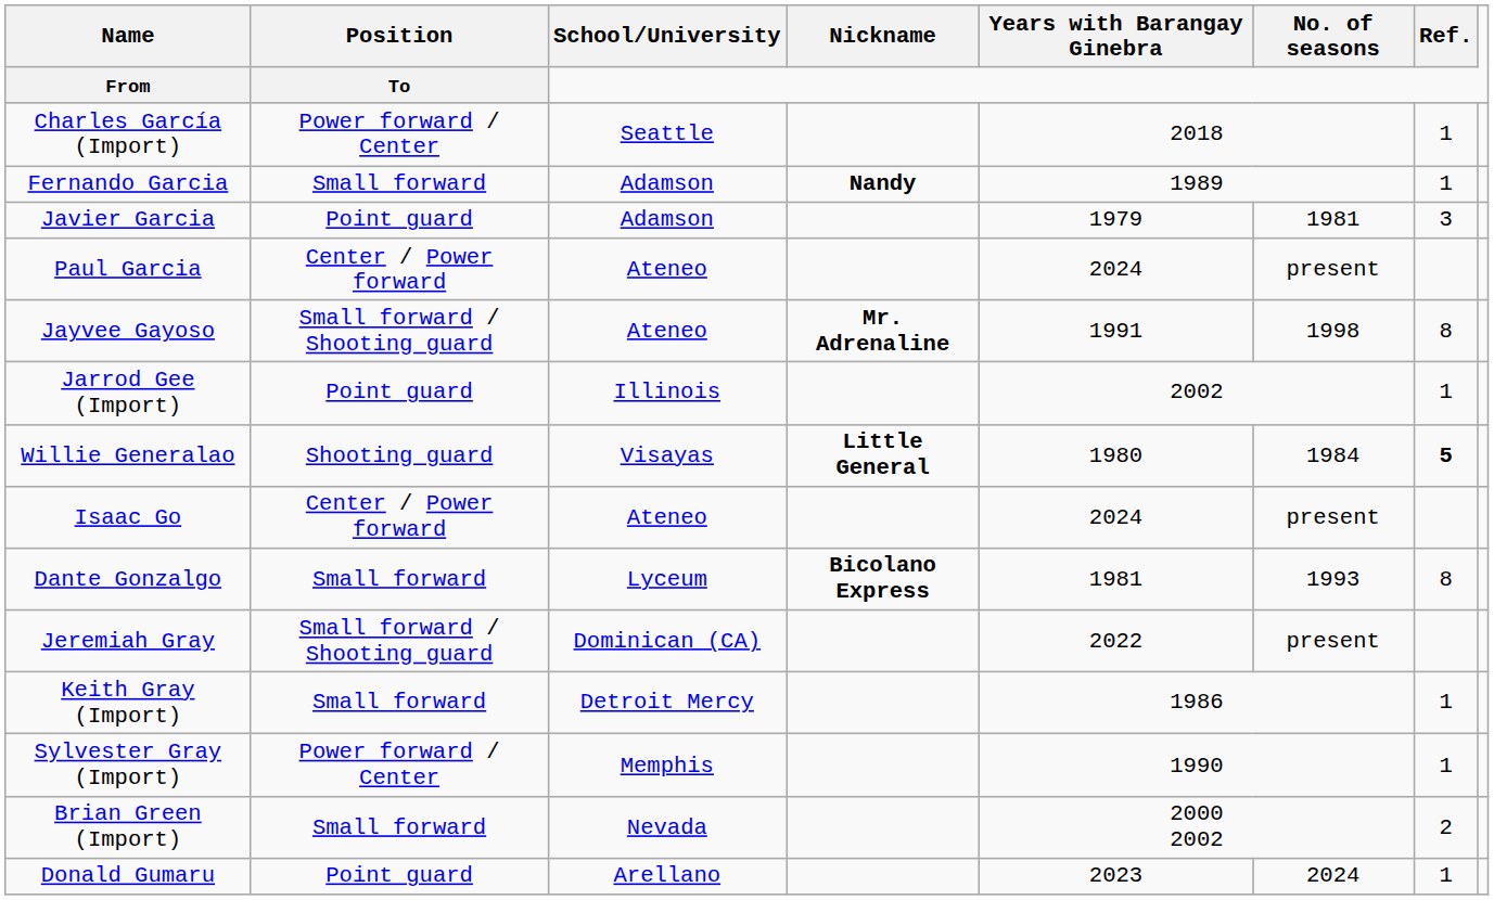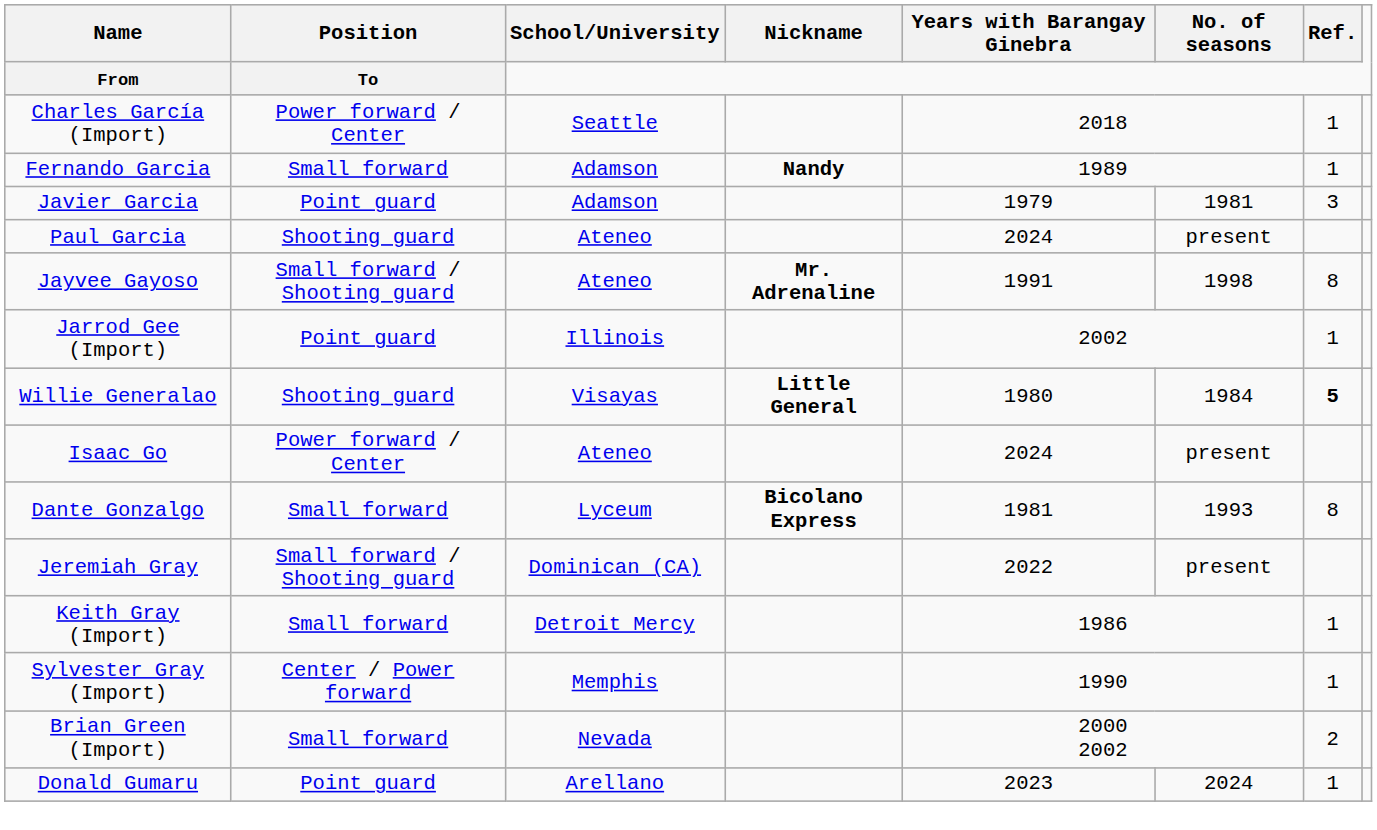 <table class="wikitable sortable" style="text-align:center" width="98%">
 <tr>
 <th>Name</th>
 <th>Position</th>
 <th>School/University</th>
 <th>Nickname</th>
 <th>Years with Barangay Ginebra</th>
 <th>No. of seasons</th>
 <th>Ref.</th>
 </tr>
 <tr>
 <th><small>From</small></th>
 <th><small>To</small></th>
 </tr>
 <tr>
 <td><a href='#'>Charles García</a> (Import)</td>
 <td><a href='#'>Power forward</a> / <a href='#'>Center</a></td>
 <td><a href='#'>Seattle</a></td>
 <td></td>
 <td colspan="2">2018</td>
 <td>1</td>
 <td></td>
 </tr>
 <tr>
 <td><a href='#'>Fernando Garcia</a></td>
 <td><a href='#'>Small forward</a></td>
 <td><a href='#'>Adamson</a></td>
 <td><strong>Nandy</strong></td>
 <td colspan="2">1989</td>
 <td>1</td>
 <td></td>
 </tr>
 <tr>
 <td><a href='#'>Javier Garcia</a></td>
 <td><a href='#'>Point guard</a></td>
 <td><a href='#'>Adamson</a></td>
 <td></td>
 <td>1979</td>
 <td>1981</td>
 <td>3</td>
 <td></td>
 </tr>
 <tr>
 <td><a href='#'>Paul Garcia</a></td>
-<td><a href='#'>Center</a> / <a href='#'>Power forward</a></td>
+<td><a href='#'>Shooting guard</a></td>
 <td><a href='#'>Ateneo</a></td>
 <td></td>
 <td>2024</td>
 <td>present</td>
 <td></td>
 <td></td>
 </tr>
 <tr>
 <td><a href='#'>Jayvee Gayoso</a></td>
 <td><a href='#'>Small forward</a> / <a href='#'>Shooting guard</a></td>
 <td><a href='#'>Ateneo</a></td>
 <td><strong>Mr. Adrenaline</strong></td>
 <td>1991</td>
 <td>1998</td>
 <td>8</td>
 <td></td>
 </tr>
 <tr>
 <td><a href='#'>Jarrod Gee</a> (Import)</td>
 <td><a href='#'>Point guard</a></td>
 <td><a href='#'>Illinois</a></td>
 <td></td>
 <td colspan="2">2002</td>
 <td>1</td>
 <td></td>
 </tr>
 <tr>
 <td><a href='#'>Willie Generalao</a></td>
 <td><a href='#'>Shooting guard</a></td>
 <td><a href='#'>Visayas</a></td>
 <td><strong>Little General</strong></td>
 <td>1980</td>
 <td>1984</td>
 <td><strong>5</strong></td>
 <td></td>
 </tr>
 <tr>
 <td><a href='#'>Isaac Go</a></td>
-<td><a href='#'>Center</a> / <a href='#'>Power forward</a></td>
+<td><a href='#'>Power forward</a> / <a href='#'>Center</a></td>
 <td><a href='#'>Ateneo</a></td>
 <td></td>
 <td>2024</td>
 <td>present</td>
 <td></td>
 <td></td>
 </tr>
 <tr>
 <td><a href='#'>Dante Gonzalgo</a></td>
 <td><a href='#'>Small forward</a></td>
 <td><a href='#'>Lyceum</a></td>
 <td><strong>Bicolano Express</strong></td>
 <td>1981</td>
 <td>1993</td>
 <td>8</td>
 <td></td>
 </tr>
 <tr>
 <td><a href='#'>Jeremiah Gray</a></td>
 <td><a href='#'>Small forward</a> / <a href='#'>Shooting guard</a></td>
 <td><a href='#'>Dominican (CA)</a></td>
 <td></td>
 <td>2022</td>
 <td>present</td>
 <td></td>
 <td></td>
 </tr>
 <tr>
 <td><a href='#'>Keith Gray</a> (Import)</td>
 <td><a href='#'>Small forward</a></td>
 <td><a href='#'>Detroit Mercy</a></td>
 <td></td>
 <td colspan="2">1986</td>
 <td>1</td>
 <td></td>
 </tr>
 <tr>
 <td><a href='#'>Sylvester Gray</a> (Import)</td>
-<td><a href='#'>Power forward</a> / <a href='#'>Center</a></td>
+<td><a href='#'>Center</a> / <a href='#'>Power forward</a></td>
 <td><a href='#'>Memphis</a></td>
 <td></td>
 <td colspan="2">1990</td>
 <td>1</td>
 <td></td>
 </tr>
 <tr>
 <td><a href='#'>Brian Green</a> (Import)</td>
 <td><a href='#'>Small forward</a></td>
 <td><a href='#'>Nevada</a></td>
 <td></td>
 <td colspan="2">2000<br>2002</td>
 <td>2</td>
 <td></td>
 </tr>
 <tr>
 <td><a href='#'>Donald Gumaru</a></td>
 <td><a href='#'>Point guard</a></td>
 <td><a href='#'>Arellano</a></td>
 <td></td>
 <td>2023</td>
 <td>2024</td>
 <td>1</td>
 <td></td>
 </tr>
 </table>
